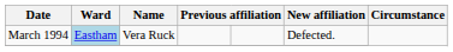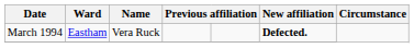 <table class="wikitable" style="font-size: 95%;">
 <tr>
 <th>Date</th>
 <th>Ward</th>
 <th>Name</th>
 <th colspan="2">Previous affiliation</th>
 <th colspan="2">New affiliation</th>
 <th>Circumstance</th>
 </tr>
 <tr>
 <td>March 1994</td>
-<td style="background: lightblue;"><a href='#'>Eastham</a></td>
+<td><a href='#'>Eastham</a></td>
 <td>Vera Ruck</td>
 <td></td>
 <td></td>
-<td>Defected.</td>
+<td><strong>Defected.</strong></td>
 </tr>
 <tr>
 </tr>
 </table>
